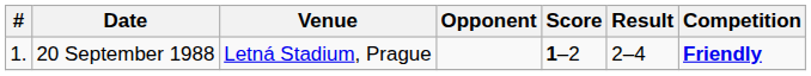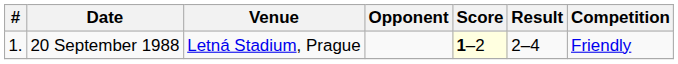 <table class="wikitable">
 <tr>
 <th>#</th>
 <th>Date</th>
 <th>Venue</th>
 <th>Opponent</th>
 <th>Score</th>
 <th>Result</th>
 <th>Competition</th>
 </tr>
 <tr>
 <td>1.</td>
 <td>20 September 1988</td>
 <td><a href='#'>Letná Stadium</a>, Prague</td>
 <td></td>
-<td><strong>1</strong>–2</td>
+<td style="background: lightyellow;"><strong>1</strong>–2</td>
 <td>2–4</td>
-<td><strong><a href='#'>Friendly</a></strong></td>
+<td><a href='#'>Friendly</a></td>
 </tr>
 <tr>
 </tr>
 </table>
